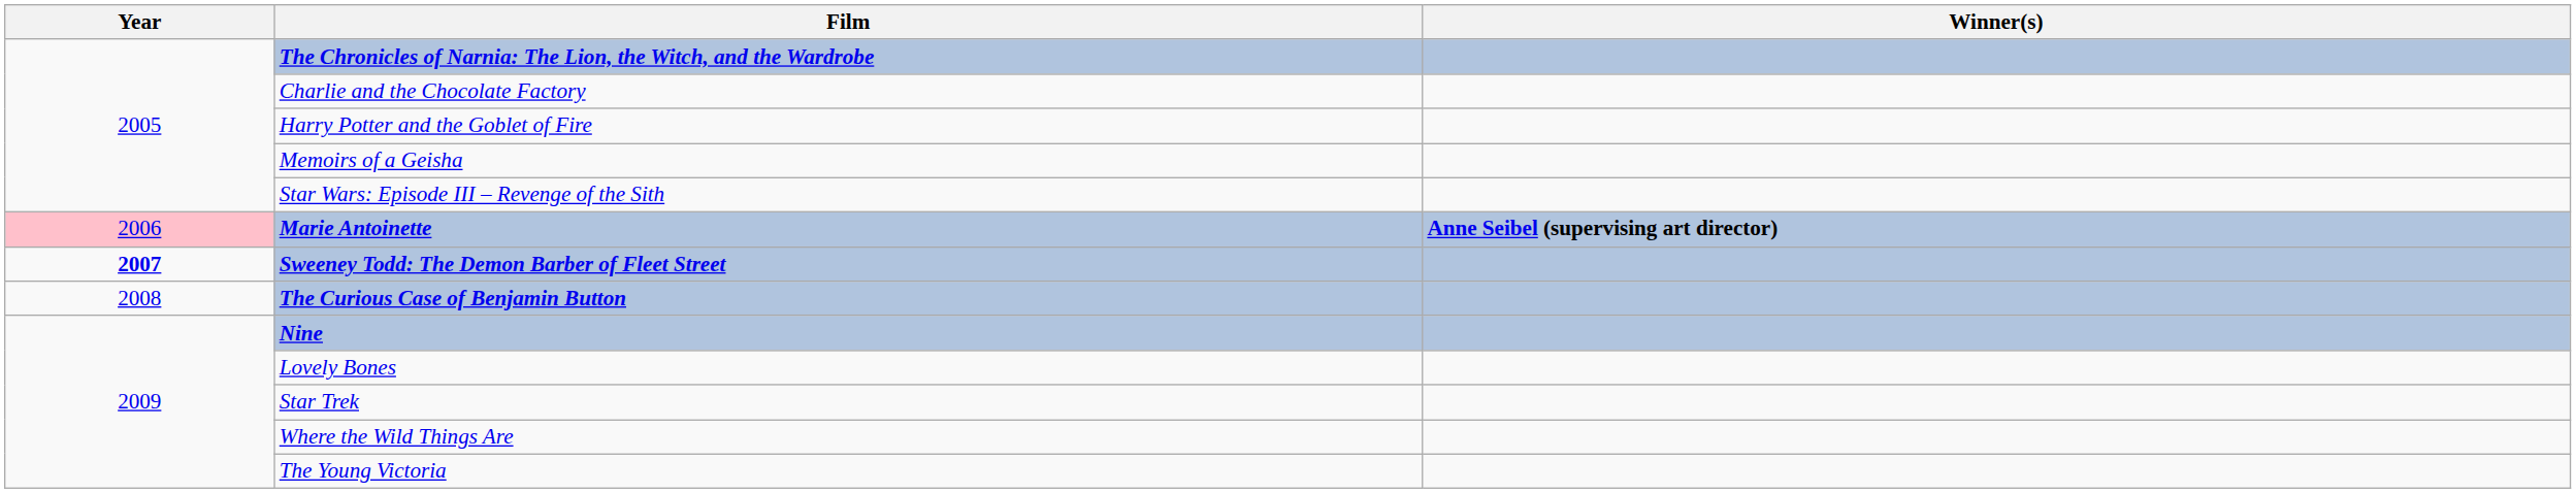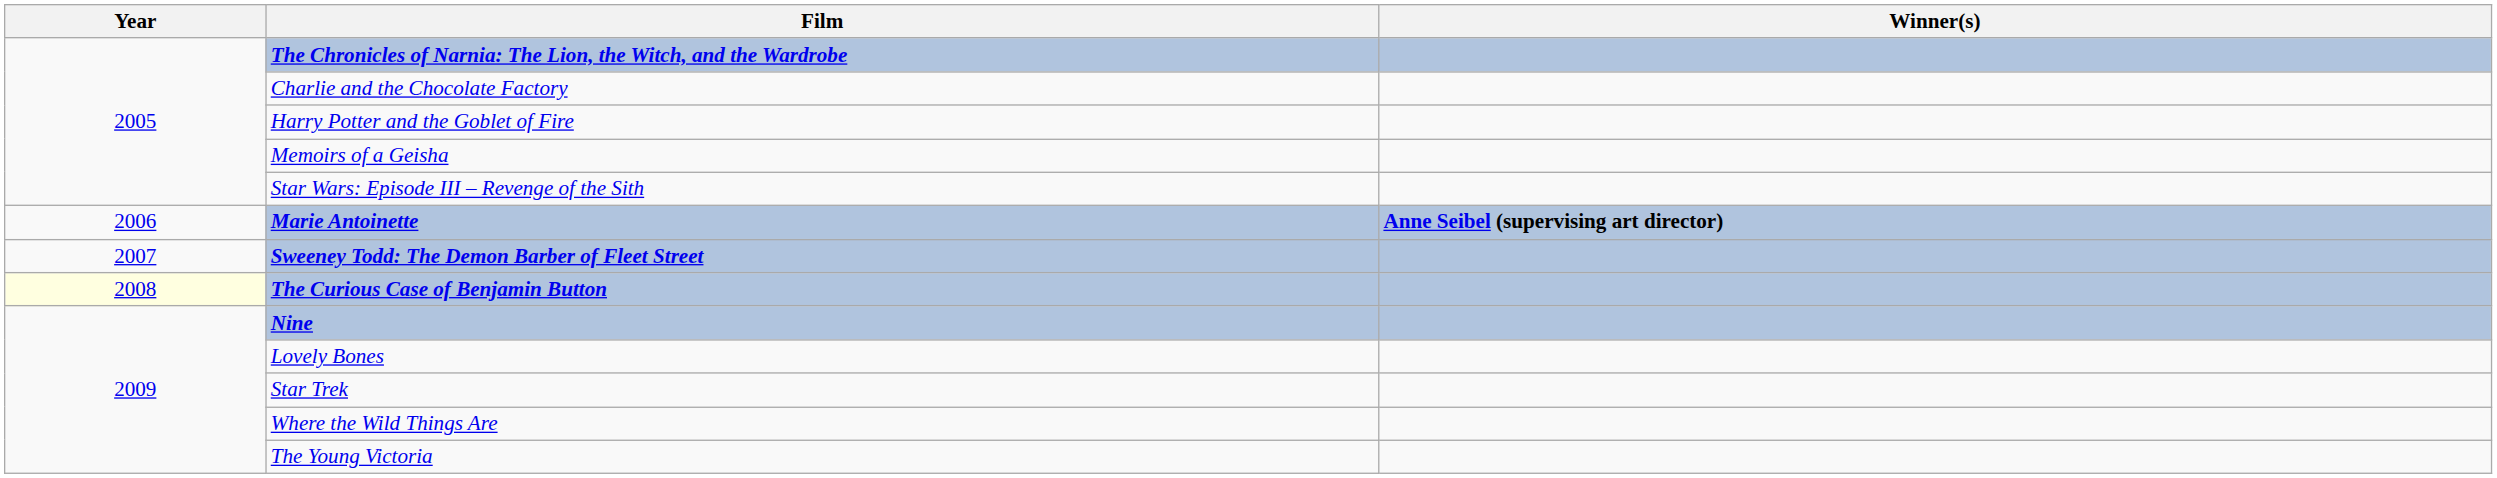 <table class="wikitable" width="95%" cellpadding="5">
 <tr>
 <th width="100">Year</th>
 <th width="450">Film</th>
 <th width="450">Winner(s)</th>
 </tr>
 <tr>
 <td rowspan="5;" style="text-align:center;"><a href='#'>2005</a></td>
 <td style="background:#B0C4DE;"><strong><em><a href='#'>The Chronicles of Narnia: The Lion, the Witch, and the Wardrobe</a></em></strong></td>
 <td style="background:#B0C4DE;"></td>
 </tr>
 <tr>
 <td><em><a href='#'>Charlie and the Chocolate Factory</a></em></td>
 <td></td>
 </tr>
 <tr>
 <td><em><a href='#'>Harry Potter and the Goblet of Fire</a></em></td>
 <td></td>
 </tr>
 <tr>
 <td><em><a href='#'>Memoirs of a Geisha</a></em></td>
 <td></td>
 </tr>
 <tr>
 <td><em><a href='#'>Star Wars: Episode III – Revenge of the Sith</a></em></td>
 <td></td>
 </tr>
 <tr>
-<td style="background: pink; text-align:center;"><a href='#'>2006</a></td>
+<td style="text-align:center;"><a href='#'>2006</a></td>
 <td style="background:#B0C4DE;"><strong><em><a href='#'>Marie Antoinette</a></em></strong></td>
 <td style="background:#B0C4DE;"><strong><a href='#'>Anne Seibel</a> (supervising art director)</strong></td>
 </tr>
 <tr>
-<td style="text-align:center;"><strong><a href='#'>2007</a></strong></td>
+<td style="text-align:center;"><a href='#'>2007</a></td>
 <td style="background:#B0C4DE;"><strong><em><a href='#'>Sweeney Todd: The Demon Barber of Fleet Street</a></em></strong></td>
 <td style="background:#B0C4DE;"></td>
 </tr>
 <tr>
-<td style="text-align:center;"><a href='#'>2008</a></td>
+<td style="background: lightyellow; text-align:center;"><a href='#'>2008</a></td>
 <td style="background:#B0C4DE;"><strong><em><a href='#'>The Curious Case of Benjamin Button</a></em></strong></td>
 <td style="background:#B0C4DE;"></td>
 </tr>
 <tr>
 <td rowspan="5;" style="text-align:center;"><a href='#'>2009</a></td>
 <td style="background:#B0C4DE;"><strong><em><a href='#'>Nine</a></em></strong></td>
 <td style="background:#B0C4DE;"></td>
 </tr>
 <tr>
 <td><em><a href='#'>Lovely Bones</a></em></td>
 <td></td>
 </tr>
 <tr>
 <td><em><a href='#'>Star Trek</a></em></td>
 <td></td>
 </tr>
 <tr>
 <td><em><a href='#'>Where the Wild Things Are</a></em></td>
 <td></td>
 </tr>
 <tr>
 <td><em><a href='#'>The Young Victoria</a></em></td>
 <td></td>
 </tr>
 </table>
